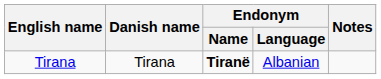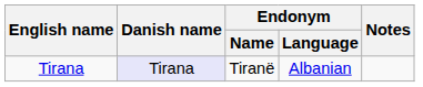 <table class="wikitable sortable mw-collapsible" style="text-align:center">
 <tr>
 <th rowspan="2">English name</th>
 <th rowspan="2">Danish name</th>
 <th colspan="2">Endonym</th>
 <th rowspan="2">Notes</th>
 </tr>
 <tr>
 <th>Name</th>
 <th>Language</th>
 </tr>
 <tr>
 <td><a href='#'>Tirana</a></td>
-<td>Tirana</td>
-<td><strong>Tiranë</strong></td>
+<td style="background: lavender;">Tirana</td>
+<td>Tiranë</td>
 <td><a href='#'>Albanian</a></td>
 <td></td>
 </tr>
 </table>
